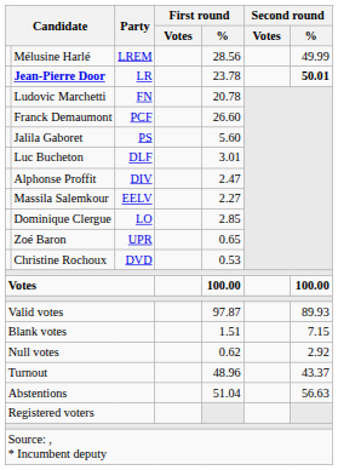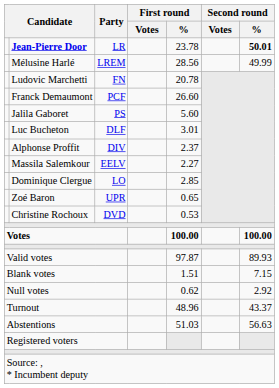 <table class="wikitable" style="text-align:right;font-size:95%;">
 <tr>
 <th rowspan="2" colspan="2">Candidate</th>
 <th rowspan="2">Party</th>
 <th colspan="2">First round</th>
 <th colspan="2">Second round</th>
 </tr>
 <tr>
 <th style="width:50px;">Votes</th>
 <th style="width:45px;">%</th>
 <th style="width:50px;">Votes</th>
 <th style="width:45px;">%</th>
 </tr>
 <tr>
 <td style="background:"></td>
+<td style="text-align:left;"><strong><a href='#'>Jean-Pierre Door</a></strong></td>
+<td><a href='#'>LR</a></td>
+<td></td>
+<td>23.78</td>
+<td><strong></strong></td>
+<td><strong>50.01</strong></td>
+</tr>
+<tr>
+<td style="background:"></td>
 <td style="text-align:left;">Mélusine Harlé</td>
 <td><a href='#'>LREM</a></td>
 <td></td>
 <td>28.56</td>
 <td></td>
 <td>49.99</td>
-</tr>
-<tr>
-<td style="background:"></td>
-<td style="text-align:left;"><strong><a href='#'>Jean-Pierre Door</a></strong></td>
-<td><a href='#'>LR</a></td>
-<td></td>
-<td>23.78</td>
-<td><strong></strong></td>
-<td><strong>50.01</strong></td>
 </tr>
 <tr>
 <td style="background:"></td>
 <td style="text-align:left;">Ludovic Marchetti</td>
 <td><a href='#'>FN</a></td>
 <td></td>
 <td>20.78</td>
 <td colspan="2" rowspan="9" style="background:#E9E9E9;"></td>
 </tr>
 <tr>
 <td style="background:"></td>
 <td style="text-align:left;">Franck Demaumont</td>
 <td><a href='#'>PCF</a></td>
 <td></td>
 <td>26.60</td>
 </tr>
 <tr>
 <td style="background:"></td>
 <td style="text-align:left;">Jalila Gaboret</td>
 <td><a href='#'>PS</a></td>
 <td></td>
 <td>5.60</td>
 </tr>
 <tr>
 <td style="background:"></td>
 <td style="text-align:left;">Luc Bucheton</td>
 <td><a href='#'>DLF</a></td>
 <td></td>
 <td>3.01</td>
 </tr>
 <tr>
 <td style="background:"></td>
 <td style="text-align:left;">Alphonse Proffit</td>
 <td><a href='#'>DIV</a></td>
 <td></td>
-<td>2.47</td>
+<td>2.37</td>
 </tr>
 <tr>
 <td style="background:"></td>
 <td style="text-align:left;">Massila Salemkour</td>
 <td><a href='#'>EELV</a></td>
 <td></td>
 <td>2.27</td>
 </tr>
 <tr>
 <td style="background:"></td>
 <td style="text-align:left;">Dominique Clergue</td>
 <td><a href='#'>LO</a></td>
 <td></td>
 <td>2.85</td>
 </tr>
 <tr>
 <td style="background:"></td>
 <td style="text-align:left;">Zoé Baron</td>
 <td><a href='#'>UPR</a></td>
 <td></td>
 <td>0.65</td>
 </tr>
 <tr>
 <td style="background:"></td>
 <td style="text-align:left;">Christine Rochoux</td>
 <td><a href='#'>DVD</a></td>
 <td></td>
 <td>0.53</td>
 </tr>
 <tr>
 <td colspan="7" style="background:#E9E9E9;"></td>
 </tr>
 <tr style="font-weight:bold;">
 <td colspan="3" style="text-align:left;">Votes</td>
 <td></td>
 <td>100.00</td>
 <td></td>
 <td>100.00</td>
 </tr>
 <tr>
 <td colspan="7" style="background:#E9E9E9;"></td>
 </tr>
 <tr>
 <td colspan="3" style="text-align:left;">Valid votes</td>
 <td></td>
 <td>97.87</td>
 <td></td>
 <td>89.93</td>
 </tr>
 <tr>
 <td colspan="3" style="text-align:left;">Blank votes</td>
 <td></td>
 <td>1.51</td>
 <td></td>
 <td>7.15</td>
 </tr>
 <tr>
 <td colspan="3" style="text-align:left;">Null votes</td>
 <td></td>
 <td>0.62</td>
 <td></td>
 <td>2.92</td>
 </tr>
 <tr>
 <td colspan="3" style="text-align:left;">Turnout</td>
 <td></td>
 <td>48.96</td>
 <td></td>
 <td>43.37</td>
 </tr>
 <tr>
 <td colspan="3" style="text-align:left;">Abstentions</td>
 <td></td>
-<td>51.04</td>
+<td>51.03</td>
 <td></td>
 <td>56.63</td>
 </tr>
 <tr>
 <td colspan="3" style="text-align:left;">Registered voters</td>
 <td></td>
 <td style="background:#E9E9E9;"></td>
 <td></td>
 <td style="background:#E9E9E9;"></td>
 </tr>
 <tr>
 <td colspan="7" style="background:#E9E9E9;"></td>
 </tr>
 <tr>
 <td colspan="7" style="text-align:left;">Source: , <br>* Incumbent deputy</td>
 </tr>
 </table>
